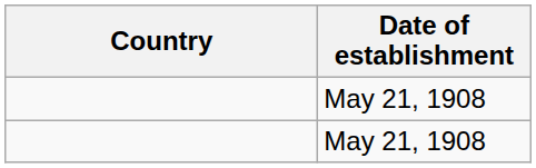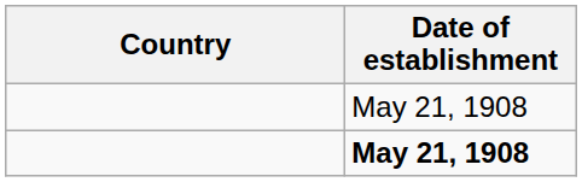 <table class="wikitable" border=1 style="border-collapse: collapse;">
 <tr>
 <th width=180>Country</th>
 <th width=120>Date of establishment</th>
 </tr>
 <tr>
 <td></td>
 <td>May 21, 1908</td>
 </tr>
 <tr>
 <td></td>
-<td>May 21, 1908</td>
+<td><strong>May 21, 1908</strong></td>
 </tr>
 </table>
